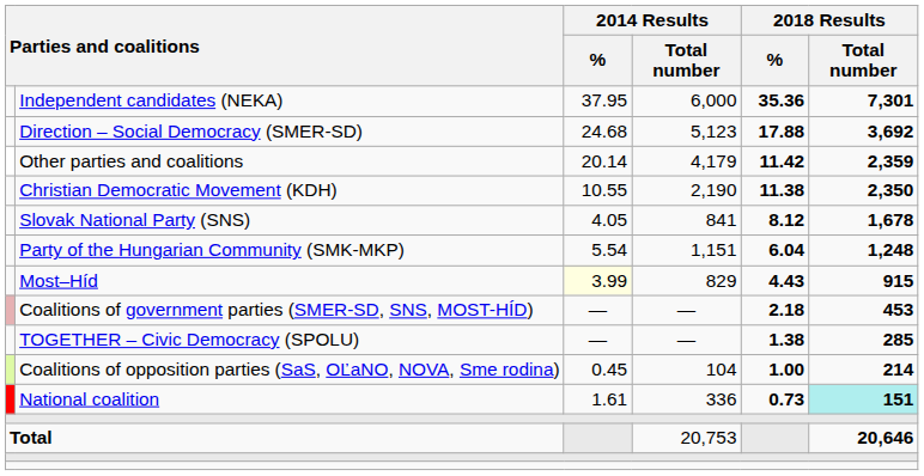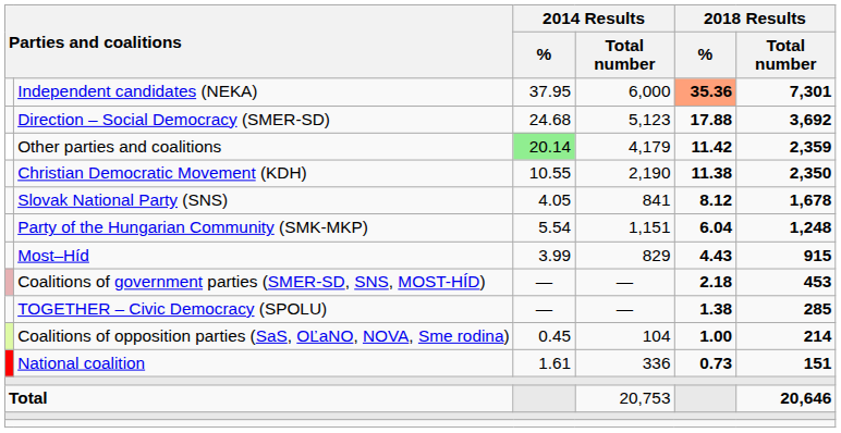 <table class="wikitable" style="text-align:right; font-size:97%;">
 <tr>
 <th style="text-align:left;" rowspan="2" colspan="2" width="450">Parties and coalitions</th>
 <th colspan="2">2014 Results</th>
 <th colspan="2">2018 Results</th>
 </tr>
 <tr>
 <th width="50">%</th>
 <th width="85">Total number</th>
 <th width="50">%</th>
 <th width="85">Total number</th>
 </tr>
 <tr>
 <td width="1" style="color:inherit;background:"></td>
 <td align="left"><a href='#'>Independent candidates</a> (NEKA)</td>
 <td>37.95</td>
 <td>6,000</td>
-<td><strong>35.36</strong></td>
+<td style="background: lightsalmon;"><strong>35.36</strong></td>
 <td><strong>7,301</strong></td>
 </tr>
 <tr>
 <td style="color:inherit;background:"></td>
 <td align="left"><a href='#'>Direction – Social Democracy</a> (SMER-SD)</td>
 <td>24.68</td>
 <td>5,123</td>
 <td><strong>17.88</strong></td>
 <td><strong>3,692</strong></td>
 </tr>
 <tr>
 <td bgcolor="white"></td>
 <td align="left">Other parties and coalitions</td>
-<td>20.14</td>
+<td style="background: lightgreen;">20.14</td>
 <td>4,179</td>
 <td><strong>11.42</strong></td>
 <td><strong>2,359</strong></td>
 </tr>
 <tr>
 <td style="color:inherit;background:"></td>
 <td align="left"><a href='#'>Christian Democratic Movement</a> (KDH)</td>
 <td>10.55</td>
 <td>2,190</td>
 <td><strong>11.38</strong></td>
 <td><strong>2,350</strong></td>
 </tr>
 <tr>
 <td style="color:inherit;background:"></td>
 <td align="left"><a href='#'>Slovak National Party</a> (SNS)</td>
 <td>4.05</td>
 <td>841</td>
 <td><strong>8.12</strong></td>
 <td><strong>1,678</strong></td>
 </tr>
 <tr>
 <td style="color:inherit;background:"></td>
 <td align="left"><a href='#'>Party of the Hungarian Community</a> (SMK-MKP)</td>
 <td>5.54</td>
 <td>1,151</td>
 <td><strong>6.04</strong></td>
 <td><strong>1,248</strong></td>
 </tr>
 <tr>
 <td style="color:inherit;background:"></td>
 <td align="left"><a href='#'>Most–Híd</a></td>
-<td style="background: lightyellow;">3.99</td>
+<td>3.99</td>
 <td>829</td>
 <td><strong>4.43</strong></td>
 <td><strong>915</strong></td>
 </tr>
 <tr>
 <td style="color:inherit;background:#e6b1b3"></td>
 <td align="left">Coalitions of <a href='#'>government</a> parties (<a href='#'>SMER-SD</a>, <a href='#'>SNS</a>, <a href='#'>MOST-HÍD</a>)</td>
 <td align="center">—</td>
 <td align="center">—</td>
 <td><strong>2.18</strong></td>
 <td><strong>453</strong></td>
 </tr>
 <tr>
 <td style="color:inherit;background:"></td>
 <td align="left"><a href='#'>TOGETHER – Civic Democracy</a> (SPOLU)</td>
 <td align="center">—</td>
 <td align="center">—</td>
 <td><strong>1.38</strong></td>
 <td><strong>285</strong></td>
 </tr>
 <tr>
 <td style="color:inherit;background:#defaa5"></td>
 <td align="left">Coalitions of opposition parties (<a href='#'>SaS</a>, <a href='#'>OĽaNO</a>, <a href='#'>NOVA</a>, <a href='#'>Sme rodina</a>)</td>
 <td>0.45</td>
 <td>104</td>
 <td><strong>1.00</strong></td>
 <td><strong>214</strong></td>
 </tr>
 <tr>
 <td bgcolor="red"></td>
 <td align="left"><a href='#'>National coalition</a></td>
 <td>1.61</td>
 <td>336</td>
 <td><strong>0.73</strong></td>
-<td style="background: paleturquoise;"><strong>151</strong></td>
+<td><strong>151</strong></td>
 </tr>
 <tr>
 <td colspan="7" bgcolor="#E9E9E9"></td>
 </tr>
 <tr>
 <td align="left" colspan="2"><strong>Total</strong></td>
 <td bgcolor="#E9E9E9"></td>
 <td>20,753</td>
 <td bgcolor="#E9E9E9"></td>
 <td><strong>20,646</strong></td>
 </tr>
 <tr>
 <td colspan="7" bgcolor="#E9E9E9"></td>
 </tr>
 <tr>
 <td colspan="7"></td>
 </tr>
 </table>
